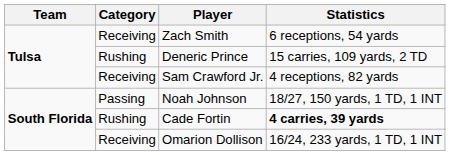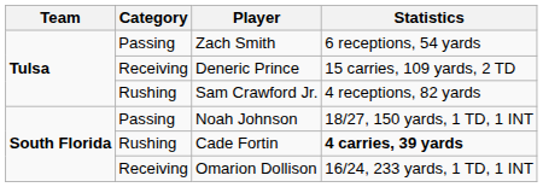 <table class="wikitable" style="float: right;">
 <tr>
 <th>Team</th>
 <th>Category</th>
 <th>Player</th>
 <th>Statistics</th>
 </tr>
 <tr>
 <td rowspan=3><strong>Tulsa</strong></td>
-<td>Receiving</td>
+<td>Passing</td>
 <td>Zach Smith</td>
 <td>6 receptions, 54 yards</td>
 </tr>
 <tr>
-<td>Rushing</td>
+<td>Receiving</td>
 <td>Deneric Prince</td>
 <td>15 carries, 109 yards, 2 TD</td>
 </tr>
 <tr>
-<td>Receiving</td>
+<td>Rushing</td>
 <td>Sam Crawford Jr.</td>
 <td>4 receptions, 82 yards</td>
 </tr>
 <tr>
 <td rowspan=3><strong>South Florida</strong></td>
 <td>Passing</td>
 <td>Noah Johnson</td>
 <td>18/27, 150 yards, 1 TD, 1 INT</td>
 </tr>
 <tr>
 <td>Rushing</td>
 <td>Cade Fortin</td>
 <td><strong>4 carries, 39 yards</strong></td>
 </tr>
 <tr>
 <td>Receiving</td>
 <td>Omarion Dollison</td>
 <td>16/24, 233 yards, 1 TD, 1 INT</td>
 </tr>
 </table>
